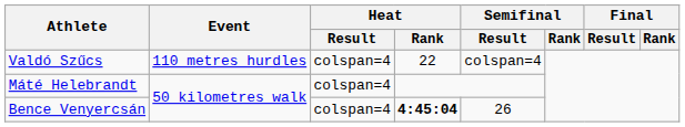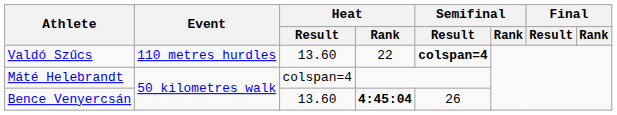 <table class="wikitable" style="font-size:90%">
 <tr>
 <th rowspan="2">Athlete</th>
 <th rowspan="2">Event</th>
 <th colspan="2">Heat</th>
 <th colspan="2">Semifinal</th>
 <th colspan="2">Final</th>
 </tr>
 <tr style="font-size:95%">
 <th>Result</th>
 <th>Rank</th>
 <th>Result</th>
 <th>Rank</th>
 <th>Result</th>
 <th>Rank</th>
 </tr>
 <tr style=text-align:center>
 <td style=text-align:left><a href='#'>Valdó Szűcs</a></td>
 <td style=text-align:left><a href='#'>110 metres hurdles</a></td>
-<td>colspan=4 </td>
+<td>13.60</td>
 <td>22</td>
-<td>colspan=4 </td>
+<td><strong>colspan=4 </strong></td>
 </tr>
 <tr style=text-align:center>
 <td style=text-align:left><a href='#'>Máté Helebrandt</a></td>
 <td style=text-align:left rowspan=2><a href='#'>50 kilometres walk</a></td>
 <td>colspan=4 </td>
 <td colspan=2></td>
 </tr>
 <tr style=text-align:center>
 <td style=text-align:left><a href='#'>Bence Venyercsán</a></td>
-<td>colspan=4 </td>
+<td>13.60</td>
 <td><strong>4:45:04</strong></td>
 <td>26</td>
 </tr>
 </table>
